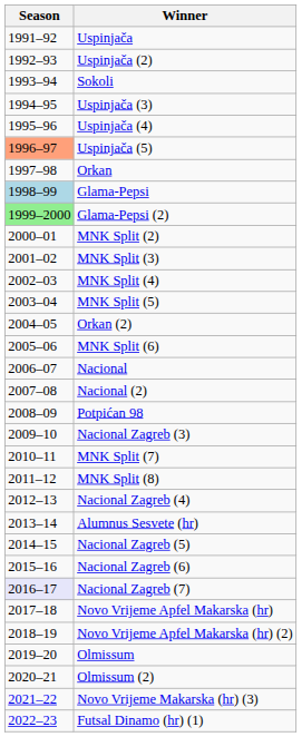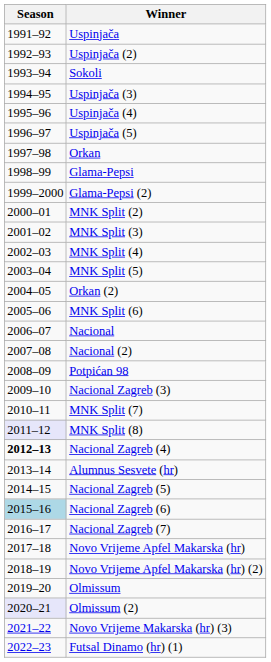 <table class="wikitable sortable">
 <tr>
 <th>Season</th>
 <th>Winner</th>
 </tr>
 <tr>
 <td>1991–92</td>
 <td><a href='#'>Uspinjača</a></td>
 </tr>
 <tr>
 <td>1992–93</td>
 <td><a href='#'>Uspinjača</a> (2)</td>
 </tr>
 <tr>
 <td>1993–94</td>
 <td><a href='#'>Sokoli</a></td>
 </tr>
 <tr>
 <td>1994–95</td>
 <td><a href='#'>Uspinjača</a> (3)</td>
 </tr>
 <tr>
 <td>1995–96</td>
 <td><a href='#'>Uspinjača</a> (4)</td>
 </tr>
 <tr>
-<td style="background: lightsalmon;">1996–97</td>
+<td>1996–97</td>
 <td><a href='#'>Uspinjača</a> (5)</td>
 </tr>
 <tr>
 <td>1997–98</td>
 <td><a href='#'>Orkan</a></td>
 </tr>
 <tr>
-<td style="background: lightblue;">1998–99</td>
+<td>1998–99</td>
 <td><a href='#'>Glama-Pepsi</a></td>
 </tr>
 <tr>
-<td style="background: lightgreen;">1999–2000</td>
+<td>1999–2000</td>
 <td><a href='#'>Glama-Pepsi</a> (2)</td>
 </tr>
 <tr>
 <td>2000–01</td>
 <td><a href='#'>MNK Split</a> (2)</td>
 </tr>
 <tr>
 <td>2001–02</td>
 <td><a href='#'>MNK Split</a> (3)</td>
 </tr>
 <tr>
 <td>2002–03</td>
 <td><a href='#'>MNK Split</a> (4)</td>
 </tr>
 <tr>
 <td>2003–04</td>
 <td><a href='#'>MNK Split</a> (5)</td>
 </tr>
 <tr>
 <td>2004–05</td>
 <td><a href='#'>Orkan</a> (2)</td>
 </tr>
 <tr>
 <td>2005–06</td>
 <td><a href='#'>MNK Split</a> (6)</td>
 </tr>
 <tr>
 <td>2006–07</td>
 <td><a href='#'>Nacional</a></td>
 </tr>
 <tr>
 <td>2007–08</td>
 <td><a href='#'>Nacional</a> (2)</td>
 </tr>
 <tr>
 <td>2008–09</td>
 <td><a href='#'>Potpićan 98</a></td>
 </tr>
 <tr>
 <td>2009–10</td>
 <td><a href='#'>Nacional Zagreb</a> (3)</td>
 </tr>
 <tr>
 <td>2010–11</td>
 <td><a href='#'>MNK Split</a> (7)</td>
 </tr>
 <tr>
-<td>2011–12</td>
+<td style="background: lavender;">2011–12</td>
 <td><a href='#'>MNK Split</a> (8)</td>
 </tr>
 <tr>
-<td>2012–13</td>
+<td><strong>2012–13</strong></td>
 <td><a href='#'>Nacional Zagreb</a> (4)</td>
 </tr>
 <tr>
 <td>2013–14</td>
 <td><a href='#'>Alumnus Sesvete</a> (<a href='#'>hr</a>)</td>
 </tr>
 <tr>
 <td>2014–15</td>
 <td><a href='#'>Nacional Zagreb</a> (5)</td>
 </tr>
 <tr>
-<td>2015–16</td>
+<td style="background: lightblue;">2015–16</td>
 <td><a href='#'>Nacional Zagreb</a> (6)</td>
 </tr>
 <tr>
-<td style="background: lavender;">2016–17</td>
+<td>2016–17</td>
 <td><a href='#'>Nacional Zagreb</a> (7)</td>
 </tr>
 <tr>
 <td>2017–18</td>
 <td><a href='#'>Novo Vrijeme Apfel Makarska</a> (<a href='#'>hr</a>)</td>
 </tr>
 <tr>
 <td>2018–19</td>
 <td><a href='#'>Novo Vrijeme Apfel Makarska</a> (<a href='#'>hr</a>) (2)</td>
 </tr>
 <tr>
 <td>2019–20</td>
 <td><a href='#'>Olmissum</a></td>
 </tr>
 <tr>
-<td>2020–21</td>
+<td style="background: lavender;">2020–21</td>
 <td><a href='#'>Olmissum</a> (2)</td>
 </tr>
 <tr>
 <td><a href='#'>2021–22</a></td>
 <td><a href='#'>Novo Vrijeme Makarska</a> (<a href='#'>hr</a>) (3)</td>
 </tr>
 <tr>
 <td><a href='#'>2022–23</a></td>
 <td><a href='#'>Futsal Dinamo</a> (<a href='#'>hr</a>) (1)</td>
 </tr>
 </table>
